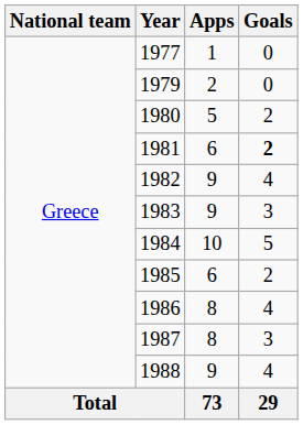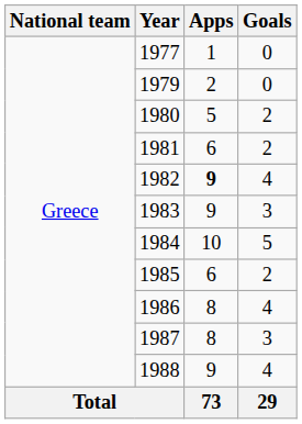 <table class="wikitable" style="text-align:center">
 <tr>
 <th>National team</th>
 <th>Year</th>
 <th>Apps</th>
 <th>Goals</th>
 </tr>
 <tr>
 <td rowspan="11"><a href='#'>Greece</a></td>
 <td>1977</td>
 <td>1</td>
 <td>0</td>
 </tr>
 <tr>
 <td>1979</td>
 <td>2</td>
 <td>0</td>
 </tr>
 <tr>
 <td>1980</td>
 <td>5</td>
 <td>2</td>
 </tr>
 <tr>
 <td>1981</td>
 <td>6</td>
-<td><strong>2</strong></td>
+<td>2</td>
 </tr>
 <tr>
 <td>1982</td>
-<td>9</td>
+<td><strong>9</strong></td>
 <td>4</td>
 </tr>
 <tr>
 <td>1983</td>
 <td>9</td>
 <td>3</td>
 </tr>
 <tr>
 <td>1984</td>
 <td>10</td>
 <td>5</td>
 </tr>
 <tr>
 <td>1985</td>
 <td>6</td>
 <td>2</td>
 </tr>
 <tr>
 <td>1986</td>
 <td>8</td>
 <td>4</td>
 </tr>
 <tr>
 <td>1987</td>
 <td>8</td>
 <td>3</td>
 </tr>
 <tr>
 <td>1988</td>
 <td>9</td>
 <td>4</td>
 </tr>
 <tr>
 <th colspan="2">Total</th>
 <th>73</th>
 <th>29</th>
 </tr>
 </table>
